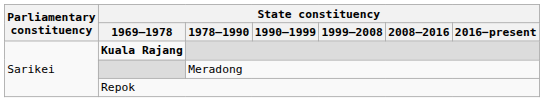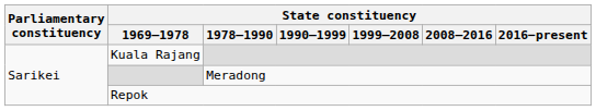 <table class="wikitable">
 <tr>
 <th rowspan="2">Parliamentary<br>constituency</th>
 <th colspan="6">State constituency</th>
 </tr>
 <tr>
 <th>1969–1978</th>
 <th>1978–1990</th>
 <th>1990–1999</th>
 <th>1999–2008</th>
 <th>2008–2016</th>
 <th>2016−present</th>
 </tr>
 <tr>
 <td rowspan="3">Sarikei</td>
-<td><strong>Kuala Rajang</strong></td>
+<td>Kuala Rajang</td>
 <td colspan="5" bgcolor="dcdcdc"></td>
 </tr>
 <tr>
 <td bgcolor="dcdcdc"></td>
 <td colspan="5">Meradong</td>
 </tr>
 <tr>
 <td colspan="6">Repok</td>
 </tr>
 </table>
